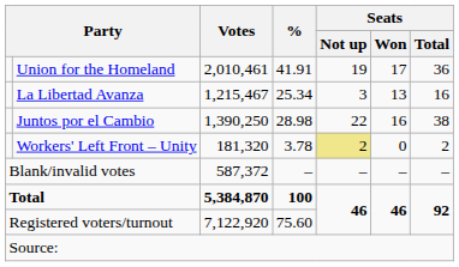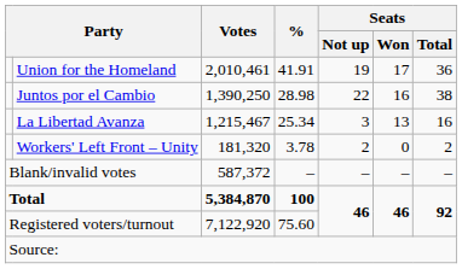 <table class="wikitable" style="text-align:right">
 <tr>
 <th colspan="2" rowspan="2">Party</th>
 <th rowspan="2">Votes</th>
 <th rowspan="2">%</th>
 <th colspan="3">Seats</th>
 </tr>
 <tr>
 <th>Not up</th>
 <th>Won</th>
 <th>Total</th>
 </tr>
 <tr>
 <td bgcolor=></td>
 <td align="left"><a href='#'>Union for the Homeland</a></td>
 <td>2,010,461</td>
 <td>41.91</td>
 <td>19</td>
 <td>17</td>
 <td>36</td>
 </tr>
 <tr>
 <td bgcolor=></td>
+<td align="left"><a href='#'>Juntos por el Cambio</a></td>
+<td>1,390,250</td>
+<td>28.98</td>
+<td>22</td>
+<td>16</td>
+<td>38</td>
+</tr>
+<tr>
+<td bgcolor=></td>
 <td align="left"><a href='#'>La Libertad Avanza</a></td>
 <td>1,215,467</td>
 <td>25.34</td>
 <td>3</td>
 <td>13</td>
 <td>16</td>
 </tr>
 <tr>
-<td bgcolor=></td>
-<td align="left"><a href='#'>Juntos por el Cambio</a></td>
-<td>1,390,250</td>
-<td>28.98</td>
-<td>22</td>
-<td>16</td>
-<td>38</td>
-</tr>
-<tr>
 <td></td>
 <td align="left"><a href='#'>Workers' Left Front – Unity</a></td>
 <td>181,320</td>
 <td>3.78</td>
-<td style="background: khaki;">2</td>
+<td>2</td>
 <td>0</td>
 <td>2</td>
 </tr>
 <tr>
 <td colspan="2" align="left">Blank/invalid votes</td>
 <td>587,372</td>
 <td>–</td>
 <td>–</td>
 <td>–</td>
 <td>–</td>
 </tr>
 <tr>
 <td colspan="2" align="left"><strong>Total</strong></td>
 <td><strong>5,384,870</strong></td>
 <td><strong>100</strong></td>
 <td rowspan="2"><strong>46</strong></td>
 <td rowspan="2"><strong>46</strong></td>
 <td rowspan="2"><strong>92</strong></td>
 </tr>
 <tr>
 <td colspan="2" align="left">Registered voters/turnout</td>
 <td>7,122,920</td>
 <td>75.60</td>
 </tr>
 <tr>
 <td colspan="7" align="left">Source: </td>
 </tr>
 </table>
